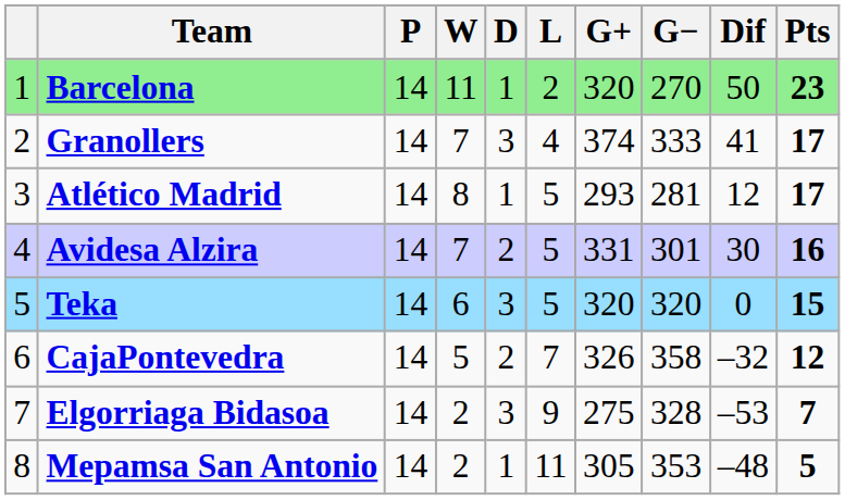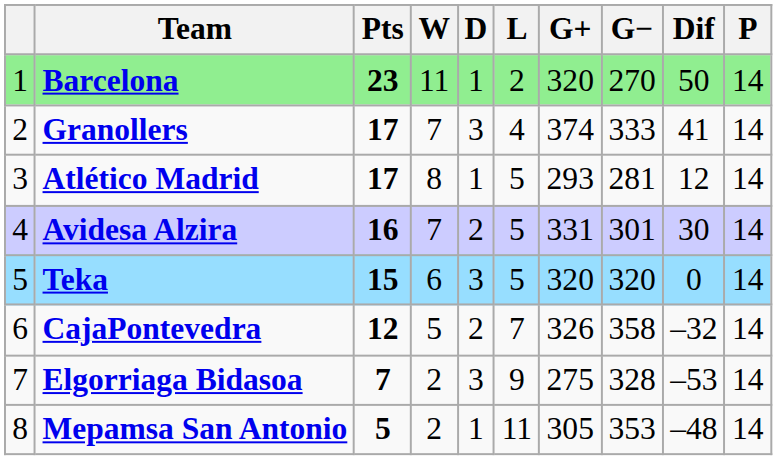 <table class="wikitable sortable" style="text-align: center;">
 <tr>
 <th align="center"></th>
 <th align="center">Team</th>
-<th align="center">P</th>
+<th align="center">Pts</th>
 <th align="center">W</th>
 <th align="center">D</th>
 <th align="center">L</th>
 <th align="center">G+</th>
 <th align="center">G−</th>
 <th align="center">Dif</th>
-<th align="center">Pts</th>
+<th align="center">P</th>
 </tr>
 <tr style="background: #90EE90;">
 <td>1</td>
 <td align="left"><strong><a href='#'>Barcelona</a></strong></td>
-<td>14</td>
+<td><strong>23</strong></td>
 <td>11</td>
 <td>1</td>
 <td>2</td>
 <td>320</td>
 <td>270</td>
 <td>50</td>
-<td><strong>23</strong></td>
+<td>14</td>
 </tr>
 <tr style="background:">
 <td>2</td>
 <td align="left"><strong><a href='#'>Granollers</a></strong></td>
-<td>14</td>
+<td><strong>17</strong></td>
 <td>7</td>
 <td>3</td>
 <td>4</td>
 <td>374</td>
 <td>333</td>
 <td>41</td>
-<td><strong>17</strong></td>
+<td>14</td>
 </tr>
 <tr style="background:">
 <td>3</td>
 <td align="left"><strong><a href='#'>Atlético Madrid</a></strong></td>
-<td>14</td>
+<td><strong>17</strong></td>
 <td>8</td>
 <td>1</td>
 <td>5</td>
 <td>293</td>
 <td>281</td>
 <td>12</td>
-<td><strong>17</strong></td>
+<td>14</td>
 </tr>
 <tr style="background: #ccccff;">
 <td>4</td>
 <td align="left"><strong><a href='#'>Avidesa Alzira</a></strong></td>
-<td>14</td>
+<td><strong>16</strong></td>
 <td>7</td>
 <td>2</td>
 <td>5</td>
 <td>331</td>
 <td>301</td>
 <td>30</td>
-<td><strong>16</strong></td>
+<td>14</td>
 </tr>
 <tr style="background: #97DEFF;">
 <td>5</td>
 <td align="left"><strong><a href='#'>Teka</a></strong></td>
-<td>14</td>
+<td><strong>15</strong></td>
 <td>6</td>
 <td>3</td>
 <td>5</td>
 <td>320</td>
 <td>320</td>
 <td>0</td>
-<td><strong>15</strong></td>
+<td>14</td>
 </tr>
 <tr style="background:">
 <td>6</td>
 <td align="left"><strong><a href='#'>CajaPontevedra</a></strong></td>
-<td>14</td>
+<td><strong>12</strong></td>
 <td>5</td>
 <td>2</td>
 <td>7</td>
 <td>326</td>
 <td>358</td>
 <td>–32</td>
-<td><strong>12</strong></td>
+<td>14</td>
 </tr>
 <tr style="background:">
 <td>7</td>
 <td align="left"><strong><a href='#'>Elgorriaga Bidasoa</a></strong></td>
-<td>14</td>
+<td><strong>7</strong></td>
 <td>2</td>
 <td>3</td>
 <td>9</td>
 <td>275</td>
 <td>328</td>
 <td>–53</td>
-<td><strong>7</strong></td>
+<td>14</td>
 </tr>
 <tr style="background:">
 <td>8</td>
 <td align="left"><strong><a href='#'>Mepamsa San Antonio</a></strong></td>
-<td>14</td>
+<td><strong>5</strong></td>
 <td>2</td>
 <td>1</td>
 <td>11</td>
 <td>305</td>
 <td>353</td>
 <td>–48</td>
-<td><strong>5</strong></td>
+<td>14</td>
 </tr>
 </table>
